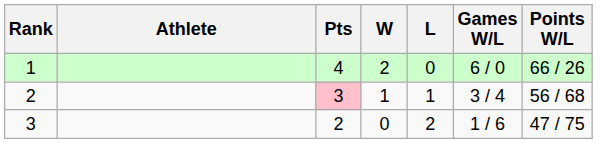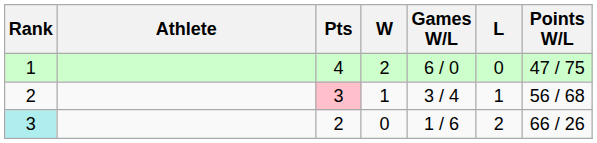 <table class="wikitable" style="text-align: center; font-size:90% ">
 <tr>
 <th width="20">Rank</th>
 <th width="200">Athlete</th>
 <th width="30">Pts</th>
 <th width="30">W</th>
+<th width="40">Games<br>W/L</th>
 <th width="30">L</th>
-<th width="40">Games<br>W/L</th>
 <th width="50">Points<br>W/L</th>
 </tr>
 <tr bgcolor=#ccffcc>
 <td>1</td>
 <td align=left></td>
 <td>4</td>
 <td>2</td>
+<td>6 / 0</td>
 <td>0</td>
-<td>6 / 0</td>
-<td>66 / 26</td>
+<td>47 / 75</td>
 </tr>
 <tr>
 <td>2</td>
 <td align=left></td>
 <td style="background: pink;">3</td>
 <td>1</td>
+<td>3 / 4</td>
 <td>1</td>
-<td>3 / 4</td>
 <td>56 / 68</td>
 </tr>
 <tr>
-<td>3</td>
+<td style="background: paleturquoise;">3</td>
 <td align=left></td>
 <td>2</td>
 <td>0</td>
+<td>1 / 6</td>
 <td>2</td>
-<td>1 / 6</td>
-<td>47 / 75</td>
+<td>66 / 26</td>
 </tr>
 </table>
